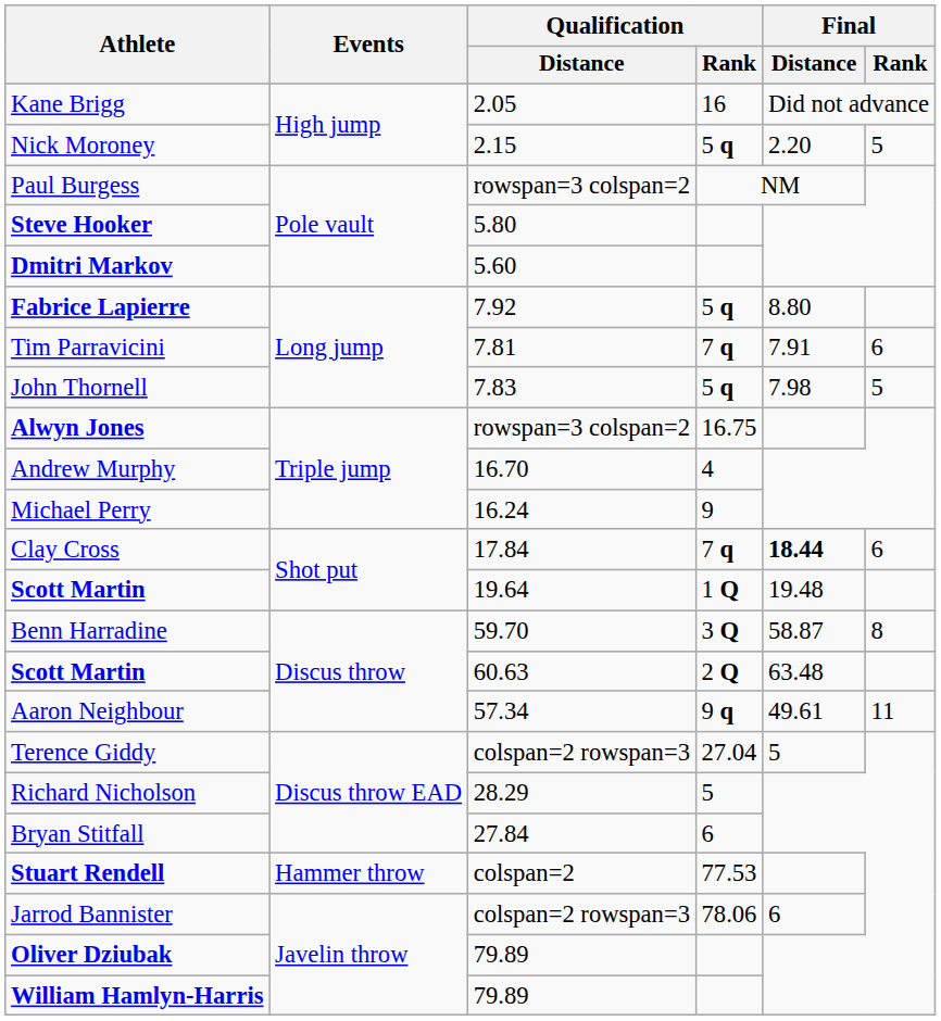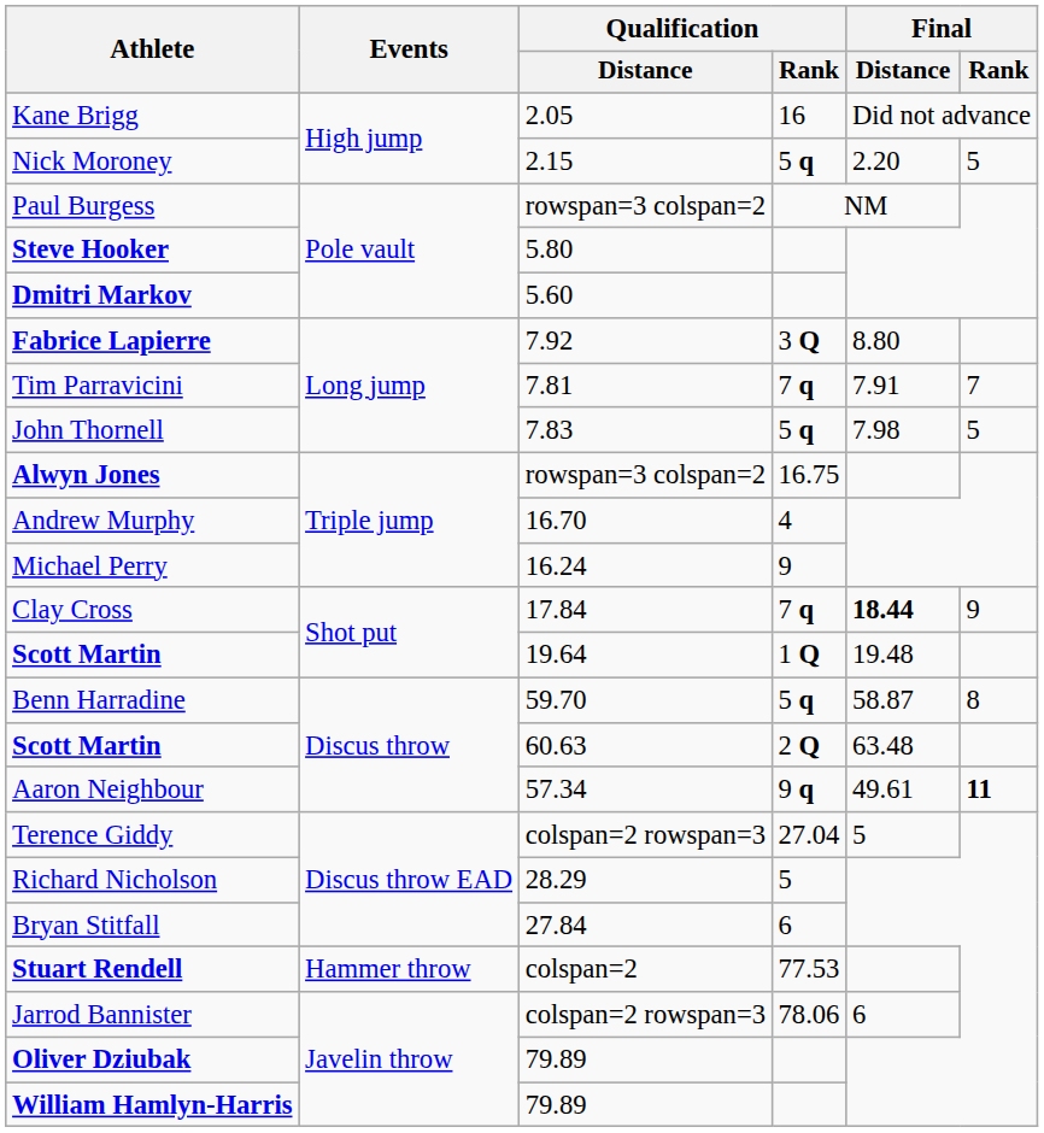 <table class=wikitable style="font-size:90%">
 <tr>
 <th rowspan="2">Athlete</th>
 <th rowspan="2">Events</th>
 <th colspan="2">Qualification</th>
 <th colspan="2">Final</th>
 </tr>
 <tr style="font-size:95%">
 <th>Distance</th>
 <th>Rank</th>
 <th>Distance</th>
 <th>Rank</th>
 </tr>
 <tr>
 <td><a href='#'>Kane Brigg</a></td>
 <td rowspan=2><a href='#'>High jump</a></td>
 <td>2.05</td>
 <td>16</td>
 <td colspan=2 align=center>Did not advance</td>
 </tr>
 <tr>
 <td><a href='#'>Nick Moroney</a></td>
 <td>2.15</td>
 <td>5 <strong>q</strong></td>
 <td>2.20</td>
 <td>5</td>
 </tr>
 <tr>
 <td><a href='#'>Paul Burgess</a></td>
 <td rowspan=3><a href='#'>Pole vault</a></td>
 <td>rowspan=3 colspan=2 </td>
 <td colspan=2 align=center>NM</td>
 </tr>
 <tr>
 <td><strong><a href='#'>Steve Hooker</a></strong></td>
 <td>5.80</td>
 <td></td>
 </tr>
 <tr>
 <td><strong><a href='#'>Dmitri Markov</a></strong></td>
 <td>5.60</td>
 <td></td>
 </tr>
 <tr>
 <td><strong><a href='#'>Fabrice Lapierre</a></strong></td>
 <td rowspan=3><a href='#'>Long jump</a></td>
 <td>7.92</td>
-<td>5 <strong>q</strong></td>
+<td>3 <strong>Q</strong></td>
 <td>8.80</td>
 <td></td>
 </tr>
 <tr>
 <td><a href='#'>Tim Parravicini</a></td>
 <td>7.81</td>
 <td>7 <strong>q</strong></td>
 <td>7.91</td>
-<td>6</td>
+<td>7</td>
 </tr>
 <tr>
 <td><a href='#'>John Thornell</a></td>
 <td>7.83</td>
 <td>5 <strong>q</strong></td>
 <td>7.98</td>
 <td>5</td>
 </tr>
 <tr>
 <td><strong><a href='#'>Alwyn Jones</a></strong></td>
 <td rowspan=3><a href='#'>Triple jump</a></td>
 <td>rowspan=3 colspan=2 </td>
 <td>16.75</td>
 <td></td>
 </tr>
 <tr>
 <td><a href='#'>Andrew Murphy</a></td>
 <td>16.70</td>
 <td>4</td>
 </tr>
 <tr>
 <td><a href='#'>Michael Perry</a></td>
 <td>16.24</td>
 <td>9</td>
 </tr>
 <tr>
 <td><a href='#'>Clay Cross</a></td>
 <td rowspan=2><a href='#'>Shot put</a></td>
 <td>17.84</td>
 <td>7 <strong>q</strong></td>
 <td><strong>18.44</strong></td>
-<td>6</td>
+<td>9</td>
 </tr>
 <tr>
 <td><strong><a href='#'>Scott Martin</a></strong></td>
 <td>19.64</td>
 <td>1 <strong>Q</strong></td>
 <td>19.48</td>
 <td></td>
 </tr>
 <tr>
 <td><a href='#'>Benn Harradine</a></td>
 <td rowspan=3><a href='#'>Discus throw</a></td>
 <td>59.70</td>
-<td>3 <strong>Q</strong></td>
+<td>5 <strong>q</strong></td>
 <td>58.87</td>
 <td>8</td>
 </tr>
 <tr>
 <td><strong><a href='#'>Scott Martin</a></strong></td>
 <td>60.63</td>
 <td>2 <strong>Q</strong></td>
 <td>63.48</td>
 <td></td>
 </tr>
 <tr>
 <td><a href='#'>Aaron Neighbour</a></td>
 <td>57.34</td>
 <td>9 <strong>q</strong></td>
 <td>49.61</td>
-<td>11</td>
+<td><strong>11</strong></td>
 </tr>
 <tr>
 <td><a href='#'>Terence Giddy</a></td>
 <td rowspan=3><a href='#'>Discus throw EAD</a></td>
 <td>colspan=2 rowspan=3 </td>
 <td>27.04</td>
 <td>5</td>
 </tr>
 <tr>
 <td><a href='#'>Richard Nicholson</a></td>
 <td>28.29</td>
 <td>5</td>
 </tr>
 <tr>
 <td><a href='#'>Bryan Stitfall</a></td>
 <td>27.84</td>
 <td>6</td>
 </tr>
 <tr>
 <td><strong><a href='#'>Stuart Rendell</a></strong></td>
 <td><a href='#'>Hammer throw</a></td>
 <td>colspan=2 </td>
 <td>77.53</td>
 <td></td>
 </tr>
 <tr>
 <td><a href='#'>Jarrod Bannister</a></td>
 <td rowspan=3><a href='#'>Javelin throw</a></td>
 <td>colspan=2 rowspan=3 </td>
 <td>78.06</td>
 <td>6</td>
 </tr>
 <tr>
 <td><strong><a href='#'>Oliver Dziubak</a></strong></td>
 <td>79.89</td>
 <td></td>
 </tr>
 <tr>
 <td><strong><a href='#'>William Hamlyn-Harris</a></strong></td>
 <td>79.89</td>
 <td></td>
 </tr>
 </table>
